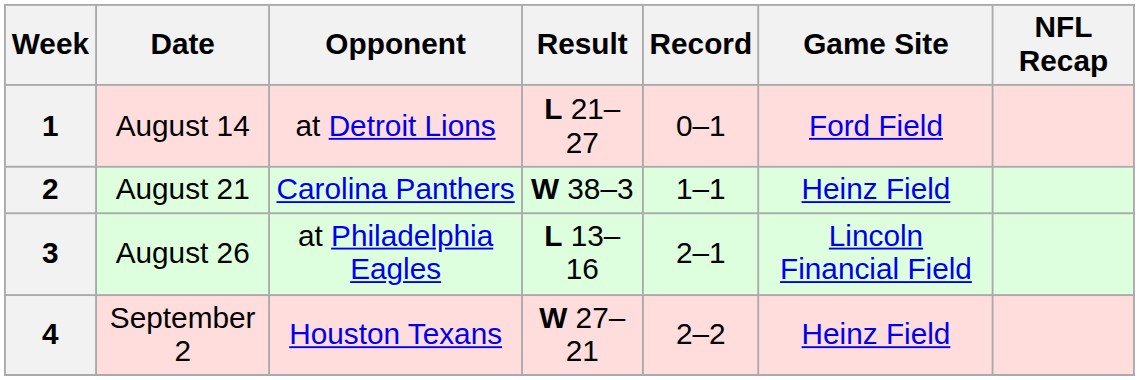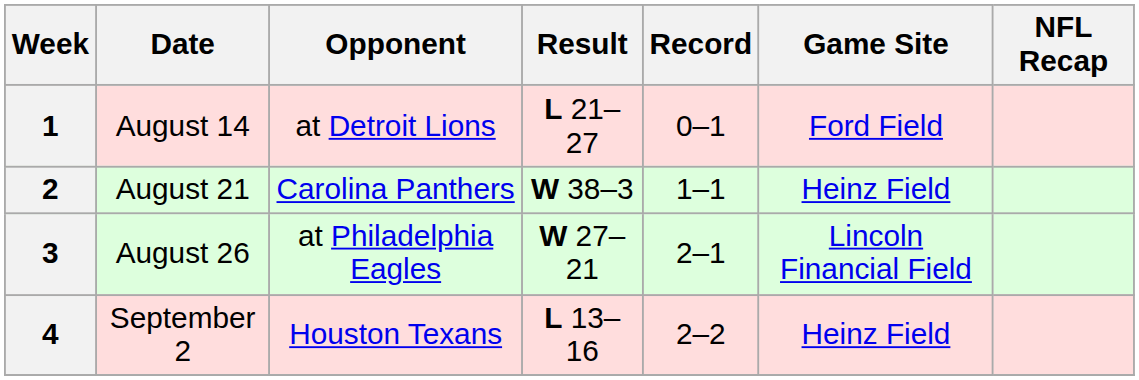 <table class="wikitable" style="text-align:center">
 <tr>
 <th>Week</th>
 <th>Date</th>
 <th>Opponent</th>
 <th>Result</th>
 <th>Record</th>
 <th>Game Site</th>
 <th>NFL Recap</th>
 </tr>
 <tr style="background: #ffdddd;">
 <th>1</th>
 <td>August 14</td>
 <td>at <a href='#'>Detroit Lions</a></td>
 <td><strong>L</strong> 21–27</td>
 <td>0–1</td>
 <td><a href='#'>Ford Field</a></td>
 <td></td>
 </tr>
 <tr style="background: #ddffdd;">
 <th>2</th>
 <td>August 21</td>
 <td><a href='#'>Carolina Panthers</a></td>
 <td><strong>W</strong> 38–3</td>
 <td>1–1</td>
 <td><a href='#'>Heinz Field</a></td>
 <td></td>
 </tr>
 <tr style="background: #ddffdd;">
 <th>3</th>
 <td>August 26</td>
 <td>at <a href='#'>Philadelphia Eagles</a></td>
-<td><strong>L</strong> 13–16</td>
+<td><strong>W</strong> 27–21</td>
 <td>2–1</td>
 <td><a href='#'>Lincoln Financial Field</a></td>
 <td></td>
 </tr>
 <tr style="background: #ffdddd;">
 <th>4</th>
 <td>September 2</td>
 <td><a href='#'>Houston Texans</a></td>
-<td><strong>W</strong> 27–21</td>
+<td><strong>L</strong> 13–16</td>
 <td>2–2</td>
 <td><a href='#'>Heinz Field</a></td>
 <td></td>
 </tr>
 <tr style="background: #ddffdd;">
 </tr>
 </table>
